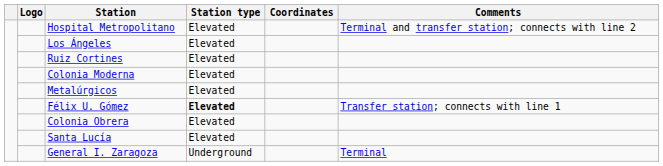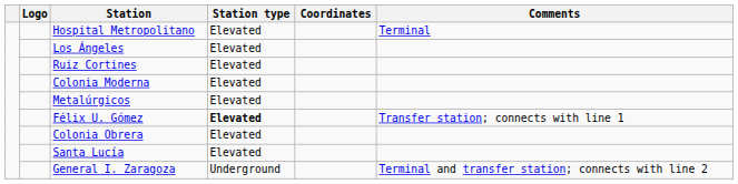 <table style="width:70%;" class="wikitable">
 <tr>
 <th></th>
 <th>Logo</th>
 <th>Station</th>
 <th>Station type</th>
 <th>Coordinates</th>
 <th>Comments</th>
 </tr>
 <tr>
 <td rowspan="13" style="width:2%; background:#"> </td>
 <td style="width:2%;"></td>
 <td><a href='#'>Hospital Metropolitano</a></td>
 <td>Elevated</td>
 <td></td>
-<td><a href='#'>Terminal</a> and <a href='#'>transfer station</a>; connects with line 2</td>
+<td><a href='#'>Terminal</a></td>
 </tr>
 <tr>
 <td></td>
 <td><a href='#'>Los Ángeles</a></td>
 <td>Elevated</td>
 <td></td>
 <td></td>
 </tr>
 <tr>
 <td></td>
 <td><a href='#'>Ruiz Cortines</a></td>
 <td>Elevated</td>
 <td></td>
 <td></td>
 </tr>
 <tr>
 <td></td>
 <td><a href='#'>Colonia Moderna</a></td>
 <td>Elevated</td>
 <td></td>
 <td></td>
 </tr>
 <tr>
 <td></td>
 <td><a href='#'>Metalúrgicos</a></td>
 <td>Elevated</td>
 <td></td>
 <td></td>
 </tr>
 <tr>
 <td></td>
 <td><a href='#'>Félix U. Gómez</a></td>
 <td><strong>Elevated</strong></td>
 <td></td>
 <td><a href='#'>Transfer station</a>; connects with line 1</td>
 </tr>
 <tr>
 <td></td>
 <td><a href='#'>Colonia Obrera</a></td>
 <td>Elevated</td>
 <td></td>
 <td></td>
 </tr>
 <tr>
 <td></td>
 <td><a href='#'>Santa Lucía</a></td>
 <td>Elevated</td>
 <td></td>
 <td></td>
 </tr>
 <tr>
 <td></td>
 <td><a href='#'>General I. Zaragoza</a></td>
 <td>Underground</td>
 <td></td>
-<td><a href='#'>Terminal</a></td>
+<td><a href='#'>Terminal</a> and <a href='#'>transfer station</a>; connects with line 2</td>
 </tr>
 </table>
